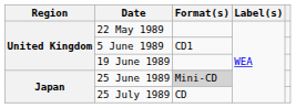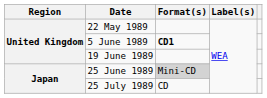 <table class="wikitable plainrowheaders">
 <tr>
 <th scope="col">Region</th>
 <th scope="col">Date</th>
 <th scope="col">Format(s)</th>
 <th scope="col">Label(s)</th>
 <th scope="col"></th>
 </tr>
 <tr>
 <th scope="row" rowspan="3">United Kingdom</th>
 <td>22 May 1989</td>
 <td></td>
 <td rowspan="5"><a href='#'>WEA</a></td>
 <td></td>
 </tr>
 <tr>
 <td>5 June 1989</td>
-<td>CD1</td>
+<td><strong>CD1</strong></td>
 <td></td>
 </tr>
 <tr>
 <td>19 June 1989</td>
 <td></td>
 <td></td>
 </tr>
 <tr>
 <th scope="row" rowspan="2">Japan</th>
 <td>25 June 1989</td>
 <td style="background: lightgrey;">Mini-CD</td>
 <td></td>
 </tr>
 <tr>
 <td>25 July 1989</td>
 <td>CD</td>
 <td></td>
 </tr>
 </table>
